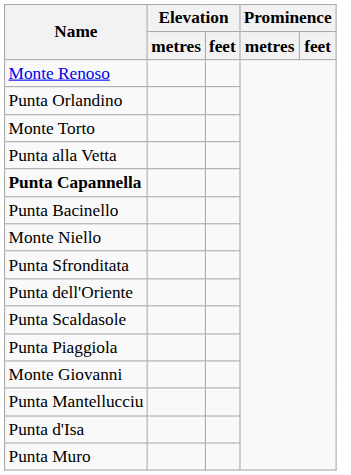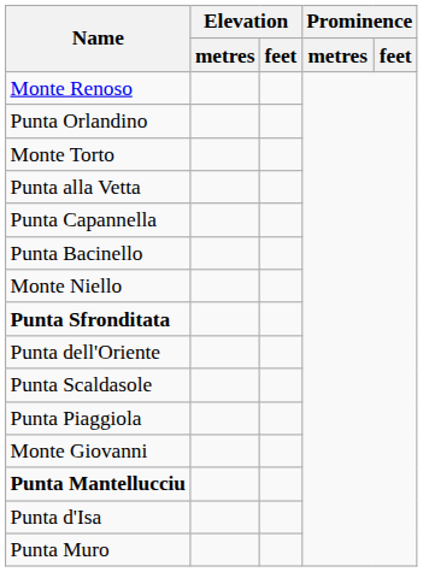 <table class="wikitable sortable">
 <tr>
 <th rowspan=2>Name</th>
 <th colspan=2>Elevation</th>
 <th colspan=2>Prominence</th>
 </tr>
 <tr>
 <th>metres</th>
 <th>feet</th>
 <th>metres</th>
 <th>feet</th>
 </tr>
 <tr>
 <td><a href='#'>Monte Renoso</a></td>
 <td></td>
 <td></td>
 </tr>
 <tr>
 <td>Punta Orlandino</td>
 <td></td>
 <td></td>
 </tr>
 <tr>
 <td>Monte Torto</td>
 <td></td>
 <td></td>
 </tr>
 <tr>
 <td>Punta alla Vetta</td>
 <td></td>
 <td></td>
 </tr>
 <tr>
-<td><strong>Punta Capannella</strong></td>
+<td>Punta Capannella</td>
 <td></td>
 <td></td>
 </tr>
 <tr>
 <td>Punta Bacinello</td>
 <td></td>
 <td></td>
 </tr>
 <tr>
 <td>Monte Niello</td>
 <td></td>
 <td></td>
 </tr>
 <tr>
-<td>Punta Sfronditata</td>
+<td><strong>Punta Sfronditata</strong></td>
 <td></td>
 <td></td>
 </tr>
 <tr>
 <td>Punta dell'Oriente</td>
 <td></td>
 <td></td>
 </tr>
 <tr>
 <td>Punta Scaldasole</td>
 <td></td>
 <td></td>
 </tr>
 <tr>
 <td>Punta Piaggiola</td>
 <td></td>
 <td></td>
 </tr>
 <tr>
 <td>Monte Giovanni</td>
 <td></td>
 <td></td>
 </tr>
 <tr>
-<td>Punta Mantellucciu</td>
+<td><strong>Punta Mantellucciu</strong></td>
 <td></td>
 <td></td>
 </tr>
 <tr>
 <td>Punta d'Isa</td>
 <td></td>
 <td></td>
 </tr>
 <tr>
 <td>Punta Muro</td>
 <td></td>
 <td></td>
 </tr>
 </table>
